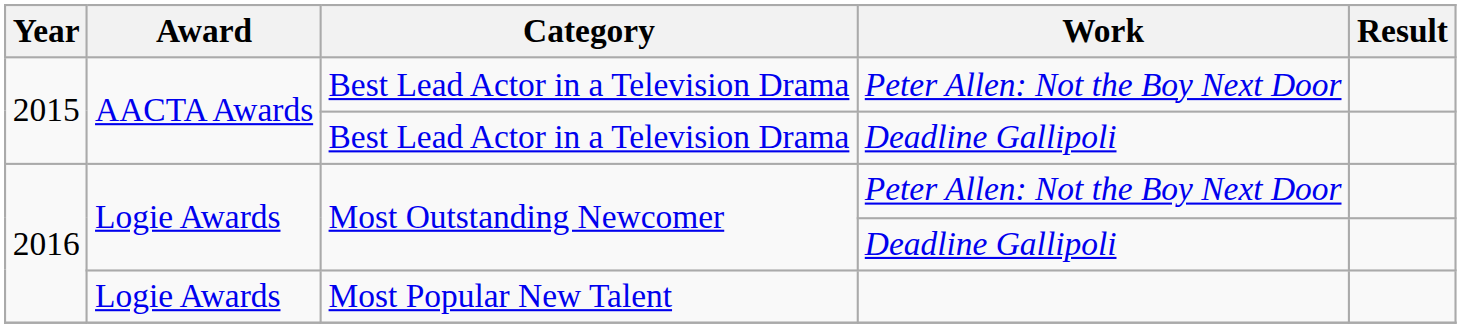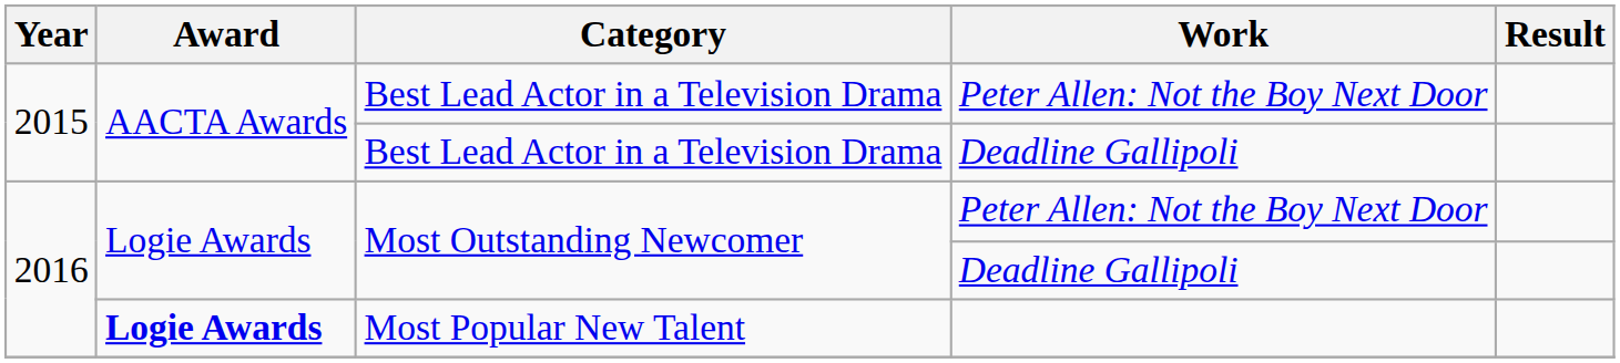 <table class="wikitable">
 <tr>
 <th>Year</th>
 <th>Award</th>
 <th>Category</th>
 <th>Work</th>
 <th>Result</th>
 </tr>
 <tr>
 <td rowspan="2">2015</td>
 <td rowspan="2"><a href='#'>AACTA Awards</a></td>
 <td><a href='#'>Best Lead Actor in a Television Drama</a></td>
 <td><em><a href='#'>Peter Allen: Not the Boy Next Door</a></em></td>
 <td></td>
 </tr>
 <tr>
 <td><a href='#'>Best Lead Actor in a Television Drama</a></td>
 <td><em><a href='#'>Deadline Gallipoli</a></em></td>
 <td></td>
 </tr>
 <tr>
 <td rowspan="3">2016</td>
 <td rowspan="2"><a href='#'>Logie Awards</a></td>
 <td rowspan="2"><a href='#'>Most Outstanding Newcomer</a></td>
 <td><em><a href='#'>Peter Allen: Not the Boy Next Door</a></em></td>
 <td></td>
 </tr>
 <tr>
 <td><em><a href='#'>Deadline Gallipoli</a></em></td>
 <td></td>
 </tr>
 <tr>
-<td><a href='#'>Logie Awards</a></td>
+<td><strong><a href='#'>Logie Awards</a></strong></td>
 <td><a href='#'>Most Popular New Talent</a></td>
 <td></td>
 <td></td>
 </tr>
 <tr>
 </tr>
 </table>
